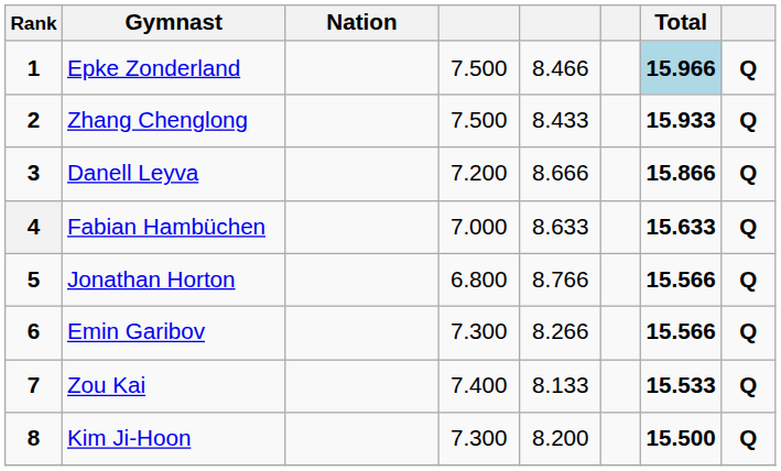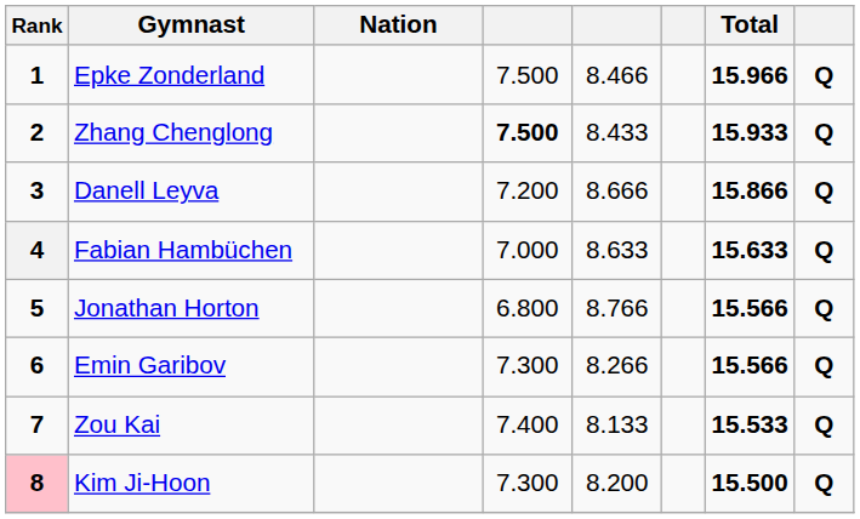 <table class="wikitable sortable" style="text-align:center;">
 <tr>
 <th scope="col" style="width:15px;"><small>Rank</small></th>
 <th scope="col" style="width:150px;">Gymnast</th>
 <th scope="col" style="width:100px;">Nation</th>
 <th scope="col" style="width:50px;"><small></small></th>
 <th scope="col" style="width:50px;"><small></small></th>
 <th scope="col" style="width:20px;"><small></small></th>
 <th scope="col" style="width:50px;">Total</th>
 <th scope="col" style="width:30px;"><small></small></th>
 </tr>
 <tr>
 <td scope=row style="text-align:center"><strong>1</strong></td>
 <td style="height:30px; text-align:left;"><a href='#'>Epke Zonderland</a></td>
 <td style="text-align:left;"><small></small></td>
 <td>7.500</td>
 <td>8.466</td>
 <td></td>
-<td style="background: lightblue;"><strong>15.966</strong></td>
+<td><strong>15.966</strong></td>
 <td><strong>Q</strong></td>
 </tr>
 <tr>
 <td scope=row style="text-align:center"><strong>2</strong></td>
 <td style="height:30px; text-align:left;"><a href='#'>Zhang Chenglong</a></td>
 <td style="text-align:left;"><small></small></td>
-<td>7.500</td>
+<td><strong>7.500</strong></td>
 <td>8.433</td>
 <td></td>
 <td><strong>15.933</strong></td>
 <td><strong>Q</strong></td>
 </tr>
 <tr>
 <td scope=row style="text-align:center"><strong>3</strong></td>
 <td style="height:30px; text-align:left;"><a href='#'>Danell Leyva</a></td>
 <td style="text-align:left;"><small></small></td>
 <td>7.200</td>
 <td>8.666</td>
 <td></td>
 <td><strong>15.866</strong></td>
 <td><strong>Q</strong></td>
 </tr>
 <tr>
 <th scope=row style="text-align:center"><strong>4</strong></th>
 <td style="height:30px; text-align:left;"><a href='#'>Fabian Hambüchen</a></td>
 <td style="text-align:left;"><small></small></td>
 <td>7.000</td>
 <td>8.633</td>
 <td></td>
 <td><strong>15.633</strong></td>
 <td><strong>Q</strong></td>
 </tr>
 <tr>
 <td scope=row style="text-align:center"><strong>5</strong></td>
 <td style="height:30px; text-align:left;"><a href='#'>Jonathan Horton</a></td>
 <td style="text-align:left;"><small></small></td>
 <td>6.800</td>
 <td>8.766</td>
 <td></td>
 <td><strong>15.566</strong></td>
 <td><strong>Q</strong></td>
 </tr>
 <tr>
 <td scope=row style="text-align:center"><strong>6</strong></td>
 <td style="height:30px; text-align:left;"><a href='#'>Emin Garibov</a></td>
 <td style="text-align:left;"><small></small></td>
 <td>7.300</td>
 <td>8.266</td>
 <td></td>
 <td><strong>15.566</strong></td>
 <td><strong>Q</strong></td>
 </tr>
 <tr>
 <td scope=row style="text-align:center"><strong>7</strong></td>
 <td style="height:30px; text-align:left;"><a href='#'>Zou Kai</a></td>
 <td style="text-align:left;"><small></small></td>
 <td>7.400</td>
 <td>8.133</td>
 <td></td>
 <td><strong>15.533</strong></td>
 <td><strong>Q</strong></td>
 </tr>
 <tr>
-<td scope=row style="text-align:center"><strong>8</strong></td>
+<td scope=row style="background: pink; text-align:center"><strong>8</strong></td>
 <td style="height:30px; text-align:left;"><a href='#'>Kim Ji-Hoon</a></td>
 <td style="text-align:left;"><small></small></td>
 <td>7.300</td>
 <td>8.200</td>
 <td></td>
 <td><strong>15.500</strong></td>
 <td><strong>Q</strong></td>
 </tr>
 <tr>
 </tr>
 </table>
